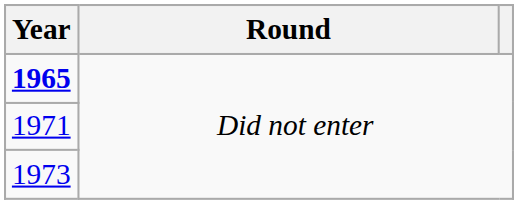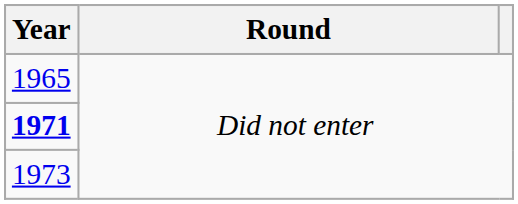 <table class="wikitable" style="text-align: center; font-size:90%">
 <tr>
 <th>Year</th>
 <th style="width:200px">Round</th>
 <th></th>
 </tr>
 <tr>
-<td><strong><a href='#'>1965</a></strong></td>
+<td><a href='#'>1965</a></td>
 <td colspan="2" rowspan="3"><em>Did not enter</em></td>
 </tr>
 <tr>
-<td><a href='#'>1971</a></td>
+<td><strong><a href='#'>1971</a></strong></td>
 </tr>
 <tr>
 <td><a href='#'>1973</a></td>
 </tr>
 </table>
